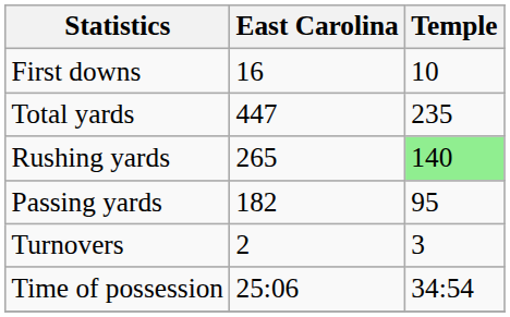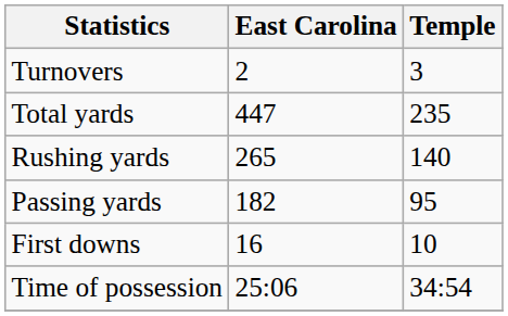 <table class="wikitable">
 <tr>
 <th>Statistics</th>
 <th>East Carolina</th>
 <th>Temple</th>
 </tr>
 <tr>
-<td>First downs</td>
-<td>16</td>
-<td>10</td>
+<td>Turnovers</td>
+<td>2</td>
+<td>3</td>
 </tr>
 <tr>
 <td>Total yards</td>
 <td>447</td>
 <td>235</td>
 </tr>
 <tr>
 <td>Rushing yards</td>
 <td>265</td>
-<td style="background: lightgreen;">140</td>
+<td>140</td>
 </tr>
 <tr>
 <td>Passing yards</td>
 <td>182</td>
 <td>95</td>
 </tr>
 <tr>
-<td>Turnovers</td>
-<td>2</td>
-<td>3</td>
+<td>First downs</td>
+<td>16</td>
+<td>10</td>
 </tr>
 <tr>
 <td>Time of possession</td>
 <td>25:06</td>
 <td>34:54</td>
 </tr>
 <tr>
 </tr>
 </table>
